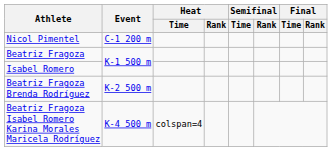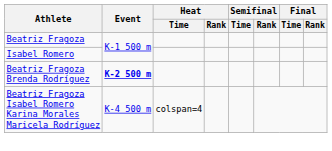 <table class=wikitable style=font-size:90%;text-align:center>
 <tr>
 <th rowspan=2>Athlete</th>
 <th rowspan=2>Event</th>
 <th colspan=2>Heat</th>
 <th colspan=2>Semifinal</th>
 <th colspan=2>Final</th>
 </tr>
 <tr style=font-size:95%>
 <th>Time</th>
 <th>Rank</th>
 <th>Time</th>
 <th>Rank</th>
 <th>Time</th>
 <th>Rank</th>
-</tr>
-<tr>
-<td align=left><a href='#'>Nicol Pimentel</a></td>
-<td align=left><a href='#'>C-1 200 m</a></td>
-<td></td>
-<td></td>
-<td></td>
-<td></td>
-<td></td>
-<td></td>
 </tr>
 <tr>
 <td align=left><a href='#'>Beatriz Fragoza</a></td>
 <td align=left rowspan=2><a href='#'>K-1 500 m</a></td>
 <td></td>
 <td></td>
 <td></td>
 <td></td>
 <td></td>
 <td></td>
 </tr>
 <tr>
 <td align=left><a href='#'>Isabel Romero</a></td>
 <td></td>
 <td></td>
 <td></td>
 <td></td>
 <td></td>
 <td></td>
 </tr>
 <tr>
 <td align=left><a href='#'>Beatriz Fragoza</a><br><a href='#'>Brenda Rodríguez</a></td>
-<td align=left><a href='#'>K-2 500 m</a></td>
+<td align=left><strong><a href='#'>K-2 500 m</a></strong></td>
 <td></td>
 <td></td>
 <td></td>
 <td></td>
 <td></td>
 <td></td>
 </tr>
 <tr>
 <td align=left><a href='#'>Beatriz Fragoza</a><br><a href='#'>Isabel Romero</a><br><a href='#'>Karina Morales</a><br><a href='#'>Maricela Rodríguez</a></td>
 <td align=left><a href='#'>K-4 500 m</a></td>
 <td>colspan=4 </td>
 <td></td>
 <td></td>
 </tr>
 </table>
